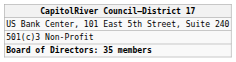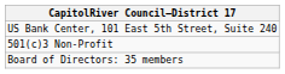 <table class="wikitable" border="1">
 <tr>
 <th>CapitolRiver Council—District 17</th>
 </tr>
 <tr>
 <td>US Bank Center, 101 East 5th Street, Suite 240</td>
 </tr>
 <tr>
 <td>501(c)3 Non-Profit</td>
 </tr>
 <tr>
-<td><strong>Board of Directors: 35 members</strong></td>
+<td>Board of Directors: 35 members</td>
 </tr>
 </table>
